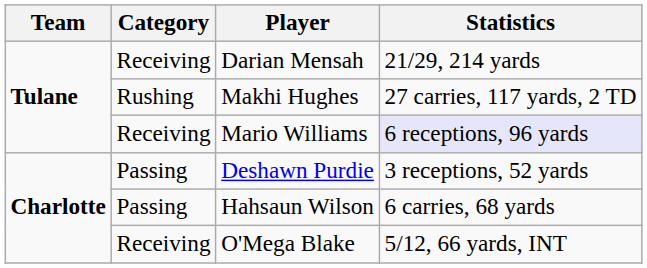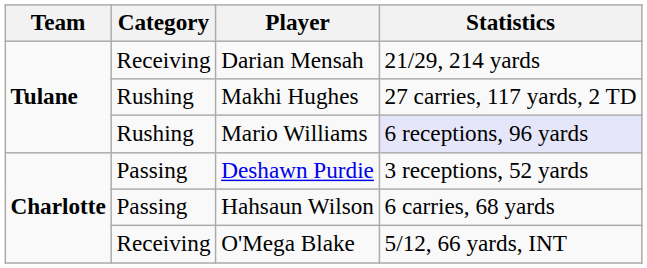 <table class="wikitable" style="float: right;">
 <tr>
 <th>Team</th>
 <th>Category</th>
 <th>Player</th>
 <th>Statistics</th>
 </tr>
 <tr>
 <td rowspan=3><strong>Tulane</strong></td>
 <td>Receiving</td>
 <td>Darian Mensah</td>
 <td>21/29, 214 yards</td>
 </tr>
 <tr>
 <td>Rushing</td>
 <td>Makhi Hughes</td>
 <td>27 carries, 117 yards, 2 TD</td>
 </tr>
 <tr>
-<td>Receiving</td>
+<td>Rushing</td>
 <td>Mario Williams</td>
 <td style="background: lavender;">6 receptions, 96 yards</td>
 </tr>
 <tr>
 <td rowspan=3><strong>Charlotte</strong></td>
 <td>Passing</td>
 <td><a href='#'>Deshawn Purdie</a></td>
 <td>3 receptions, 52 yards</td>
 </tr>
 <tr>
 <td>Passing</td>
 <td>Hahsaun Wilson</td>
 <td>6 carries, 68 yards</td>
 </tr>
 <tr>
 <td>Receiving</td>
 <td>O'Mega Blake</td>
 <td>5/12, 66 yards, INT</td>
 </tr>
 </table>
